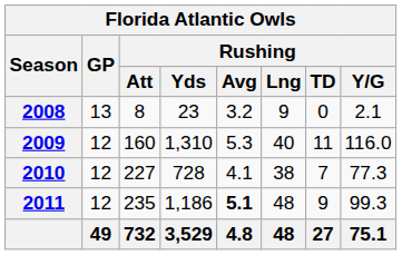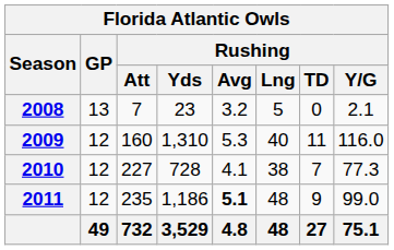 <table class="wikitable" style="text-align: center;">
 <tr>
 <th colspan="15">Florida Atlantic Owls</th>
 </tr>
 <tr>
 <th rowspan="2">Season</th>
 <th rowspan="2">GP</th>
 <th colspan="6">Rushing</th>
 </tr>
 <tr>
 <th>Att</th>
 <th>Yds</th>
 <th>Avg</th>
 <th>Lng</th>
 <th>TD</th>
 <th>Y/G</th>
 </tr>
 <tr>
 <th><a href='#'>2008</a></th>
 <td>13</td>
-<td>8</td>
+<td>7</td>
 <td>23</td>
 <td>3.2</td>
-<td>9</td>
+<td>5</td>
 <td>0</td>
 <td>2.1</td>
 </tr>
 <tr>
 <th><a href='#'>2009</a></th>
 <td>12</td>
 <td>160</td>
 <td>1,310</td>
 <td>5.3</td>
 <td>40</td>
 <td>11</td>
 <td>116.0</td>
 </tr>
 <tr>
 <th><a href='#'>2010</a></th>
 <td>12</td>
 <td>227</td>
 <td>728</td>
 <td>4.1</td>
 <td>38</td>
 <td>7</td>
 <td>77.3</td>
 </tr>
 <tr>
 <th><a href='#'>2011</a></th>
 <td>12</td>
 <td>235</td>
 <td>1,186</td>
 <td><strong>5.1</strong></td>
 <td>48</td>
 <td>9</td>
-<td>99.3</td>
+<td>99.0</td>
 </tr>
 <tr>
 <th></th>
 <th>49</th>
 <th>732</th>
 <th>3,529</th>
 <th>4.8</th>
 <th>48</th>
 <th>27</th>
 <th>75.1</th>
 </tr>
 </table>
